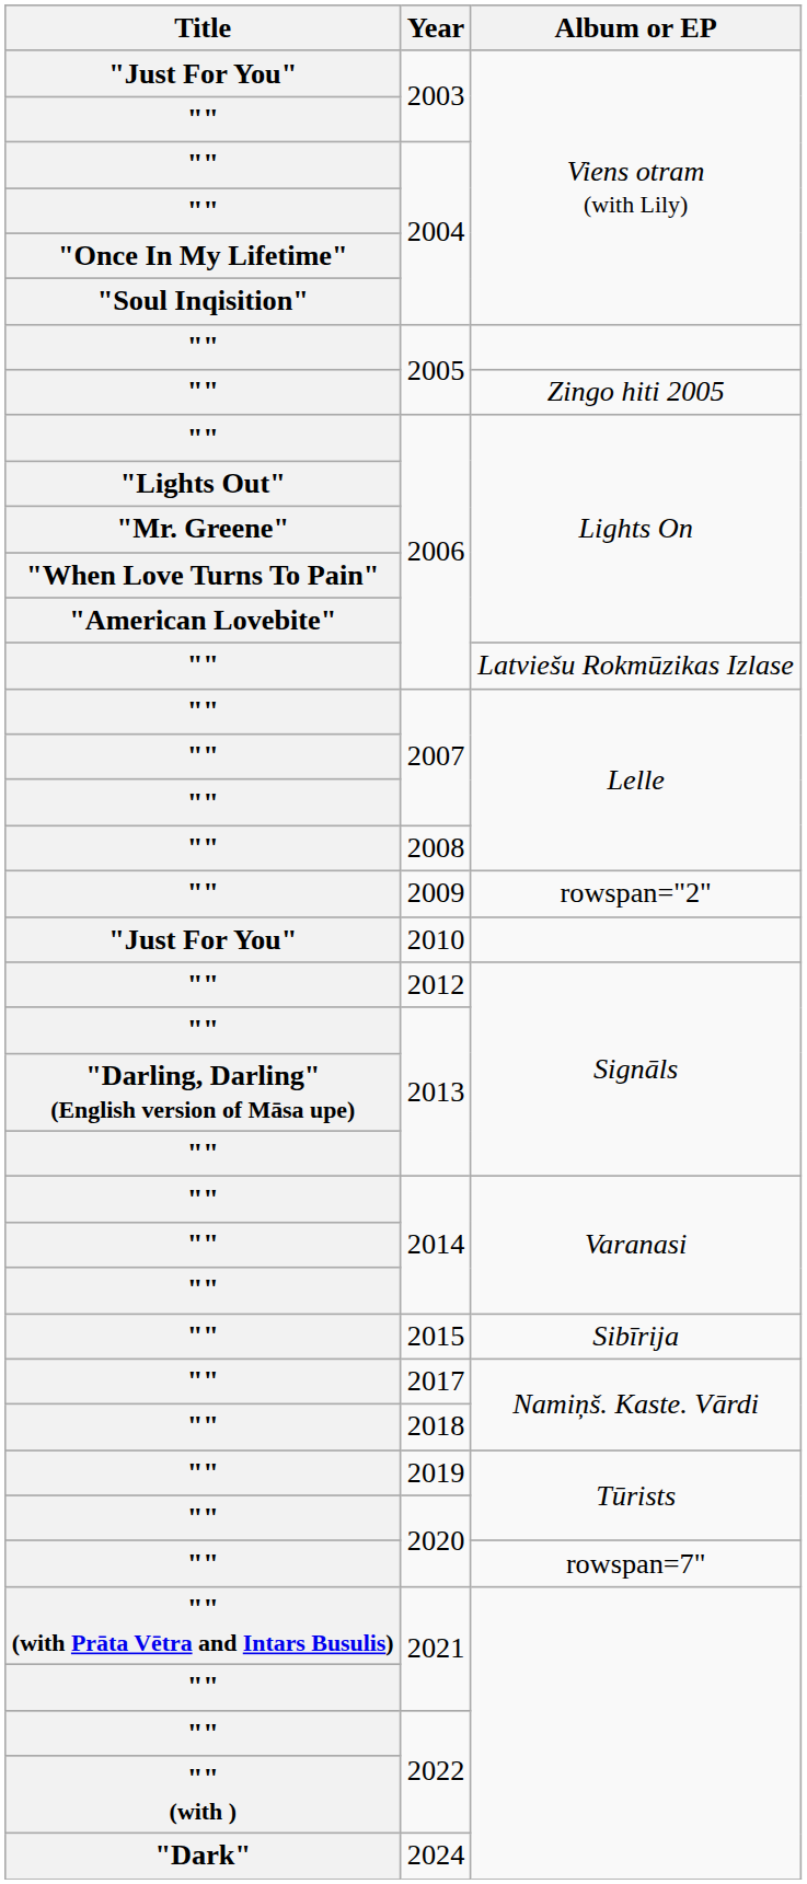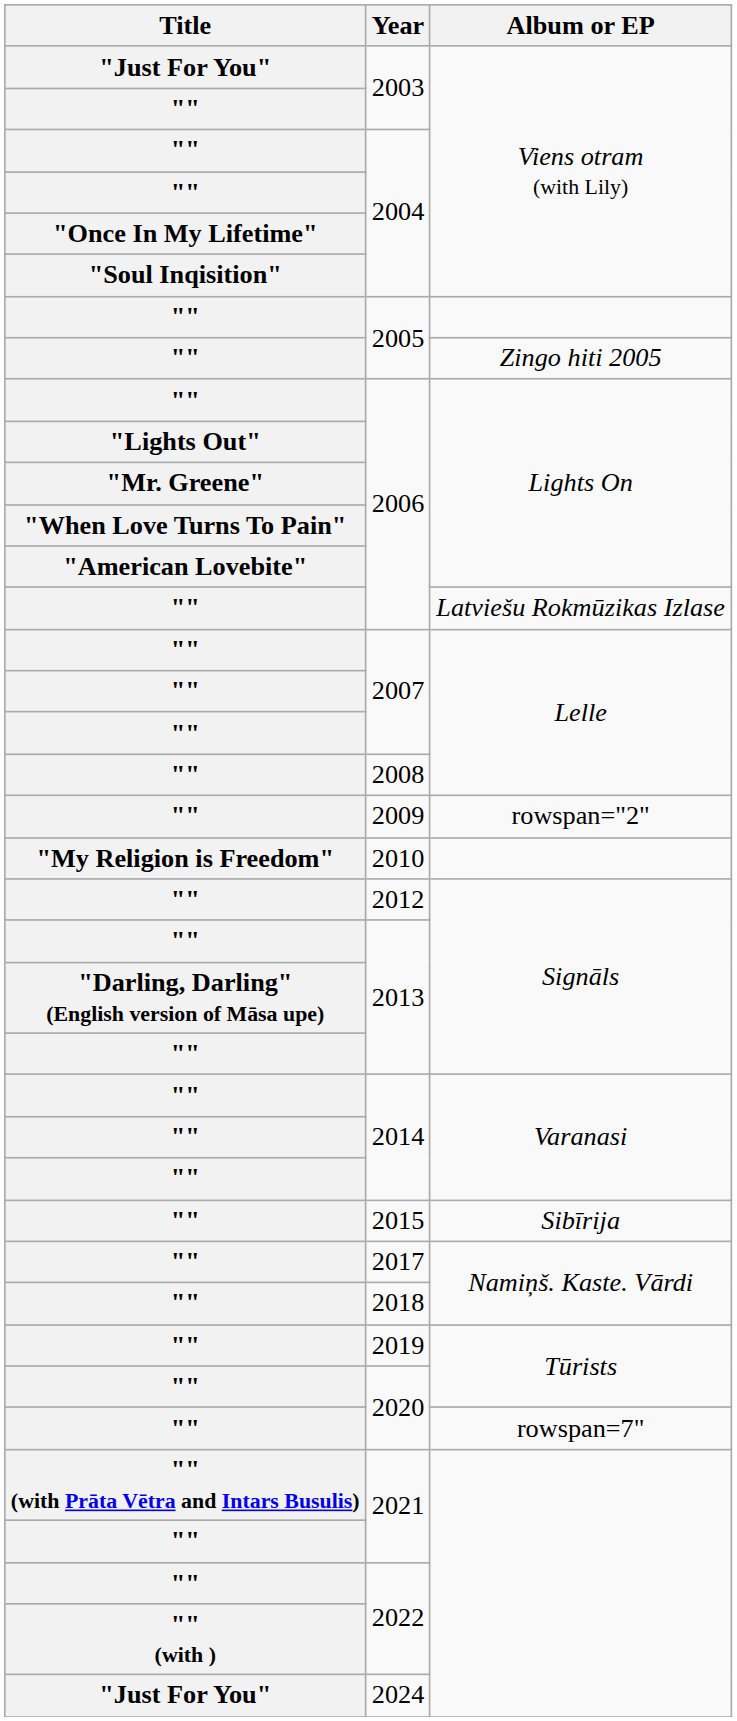 <table class="wikitable plainrowheaders" style="text-align:center;">
 <tr>
 <th scope="col">Title</th>
 <th scope="col">Year</th>
 <th scope="col">Album or EP</th>
 </tr>
 <tr>
 <th scope="row">"Just For You"</th>
 <td rowspan="2">2003</td>
 <td rowspan="6"><em>Viens otram</em><br><small>(with Lily)</small></td>
 </tr>
 <tr>
 <th scope="row">""</th>
 </tr>
 <tr>
 <th scope="row">""</th>
 <td rowspan="4">2004</td>
 </tr>
 <tr>
 <th scope="row">""</th>
 </tr>
 <tr>
 <th scope="row">"Once In My Lifetime"</th>
 </tr>
 <tr>
 <th scope="row">"Soul Inqisition"</th>
 </tr>
 <tr>
 <th scope="row">""</th>
 <td rowspan="2">2005</td>
 <td></td>
 </tr>
 <tr>
 <th scope="row">""</th>
 <td><em>Zingo hiti 2005</em></td>
 </tr>
 <tr>
 <th scope="row">""</th>
 <td rowspan="6">2006</td>
 <td rowspan="5"><em>Lights On</em></td>
 </tr>
 <tr>
 <th scope="row">"Lights Out"</th>
 </tr>
 <tr>
 <th scope="row">"Mr. Greene"</th>
 </tr>
 <tr>
 <th scope="row">"When Love Turns To Pain"</th>
 </tr>
 <tr>
 <th scope="row">"American Lovebite"</th>
 </tr>
 <tr>
 <th scope="row">""</th>
 <td><em>Latviešu Rokmūzikas Izlase</em></td>
 </tr>
 <tr>
 <th scope="row">""</th>
 <td rowspan="3">2007</td>
 <td rowspan="4"><em>Lelle</em></td>
 </tr>
 <tr>
 <th scope="row">""</th>
 </tr>
 <tr>
 <th scope="row">""</th>
 </tr>
 <tr>
 <th scope="row">""</th>
 <td>2008</td>
 </tr>
 <tr>
 <th scope="row">""</th>
 <td>2009</td>
 <td>rowspan="2" </td>
 </tr>
 <tr>
-<th scope="row">"Just For You"</th>
+<th scope="row">"My Religion is Freedom"</th>
 <td>2010</td>
 </tr>
 <tr>
 <th scope="row">""</th>
 <td>2012</td>
 <td rowspan="4"><em>Signāls</em></td>
 </tr>
 <tr>
 <th scope="row">""</th>
 <td rowspan="3">2013</td>
 </tr>
 <tr>
 <th scope="row">"Darling, Darling"<br><small>(English version of Māsa upe)</small></th>
 </tr>
 <tr>
 <th scope="row">""</th>
 </tr>
 <tr>
 <th scope="row">""</th>
 <td rowspan="3">2014</td>
 <td rowspan="3"><em>Varanasi</em></td>
 </tr>
 <tr>
 <th scope="row">""</th>
 </tr>
 <tr>
 <th scope="row">""</th>
 </tr>
 <tr>
 <th scope="row">""</th>
 <td>2015</td>
 <td><em>Sibīrija</em></td>
 </tr>
 <tr>
 <th scope="row">""</th>
 <td>2017</td>
 <td rowspan="2"><em>Namiņš. Kaste. Vārdi</em></td>
 </tr>
 <tr>
 <th scope="row">""</th>
 <td>2018</td>
 </tr>
 <tr>
 <th scope="row">""</th>
 <td>2019</td>
 <td rowspan="2"><em>Tūrists</em></td>
 </tr>
 <tr>
 <th scope="row">""</th>
 <td rowspan="2">2020</td>
 </tr>
 <tr>
 <th scope="row">""</th>
 <td>rowspan=7" </td>
 </tr>
 <tr>
 <th scope="row">""<br><small>(with <a href='#'>Prāta Vētra</a> and <a href='#'>Intars Busulis</a>)</small></th>
 <td rowspan="2">2021</td>
 </tr>
 <tr>
 <th scope="row">""</th>
 </tr>
 <tr>
 <th scope="row">""</th>
 <td rowspan="2">2022</td>
 </tr>
 <tr>
 <th scope="row">""<br><small>(with )</small></th>
 </tr>
 <tr>
-<th scope="row">"Dark"</th>
+<th scope="row">"Just For You"</th>
 <td>2024</td>
 </tr>
 </table>
